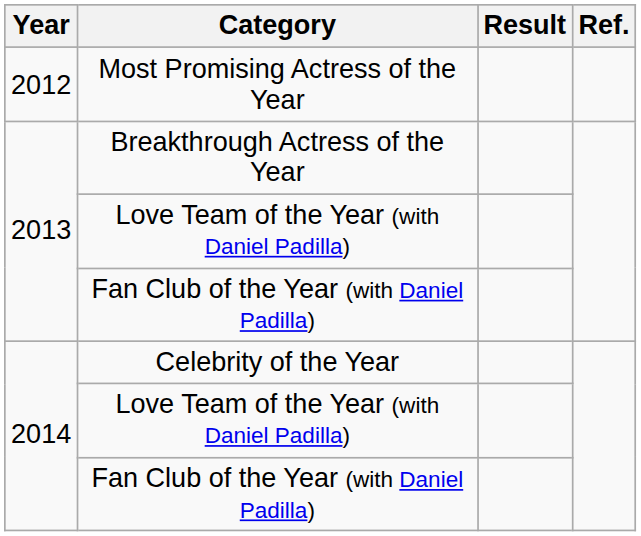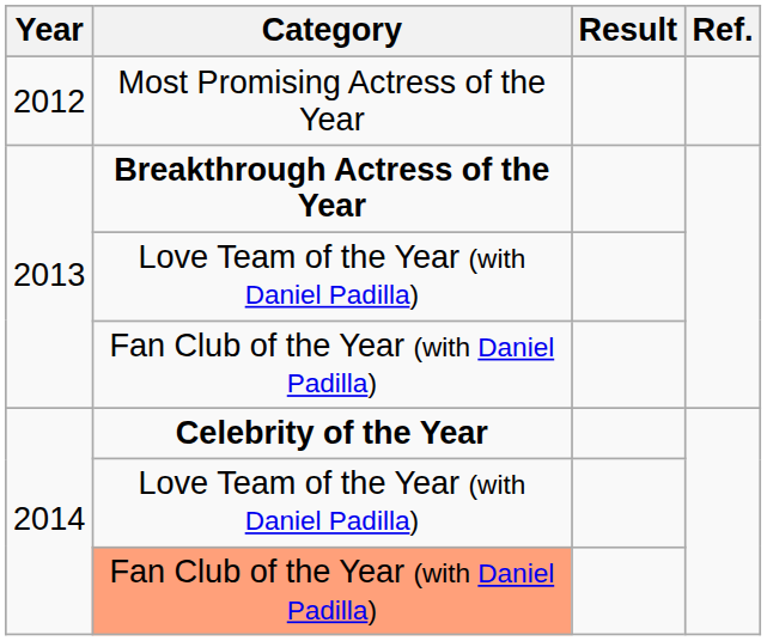 <table class="wikitable sortable"  style="text-align:center; width:60%;">
 <tr>
 <th>Year</th>
 <th>Category</th>
 <th>Result</th>
 <th>Ref.</th>
 </tr>
 <tr>
 <td>2012</td>
 <td>Most Promising Actress of the Year</td>
 <td></td>
 <td></td>
 </tr>
 <tr>
 <td rowspan="3">2013</td>
-<td>Breakthrough Actress of the Year</td>
+<td><strong>Breakthrough Actress of the Year</strong></td>
 <td></td>
 <td rowspan="3"></td>
 </tr>
 <tr>
 <td>Love Team of the Year <small>(with <a href='#'>Daniel Padilla</a>)</small></td>
 <td></td>
 </tr>
 <tr>
 <td>Fan Club of the Year <small>(with <a href='#'>Daniel Padilla</a>)</small></td>
 <td></td>
 </tr>
 <tr>
 <td rowspan="3">2014</td>
-<td>Celebrity of the Year</td>
+<td><strong>Celebrity of the Year</strong></td>
 <td></td>
 <td rowspan="3"></td>
 </tr>
 <tr>
 <td>Love Team of the Year <small>(with <a href='#'>Daniel Padilla</a>)</small></td>
 <td></td>
 </tr>
 <tr>
-<td>Fan Club of the Year <small>(with <a href='#'>Daniel Padilla</a>)</small></td>
+<td style="background: lightsalmon;">Fan Club of the Year <small>(with <a href='#'>Daniel Padilla</a>)</small></td>
 <td></td>
 </tr>
 </table>
